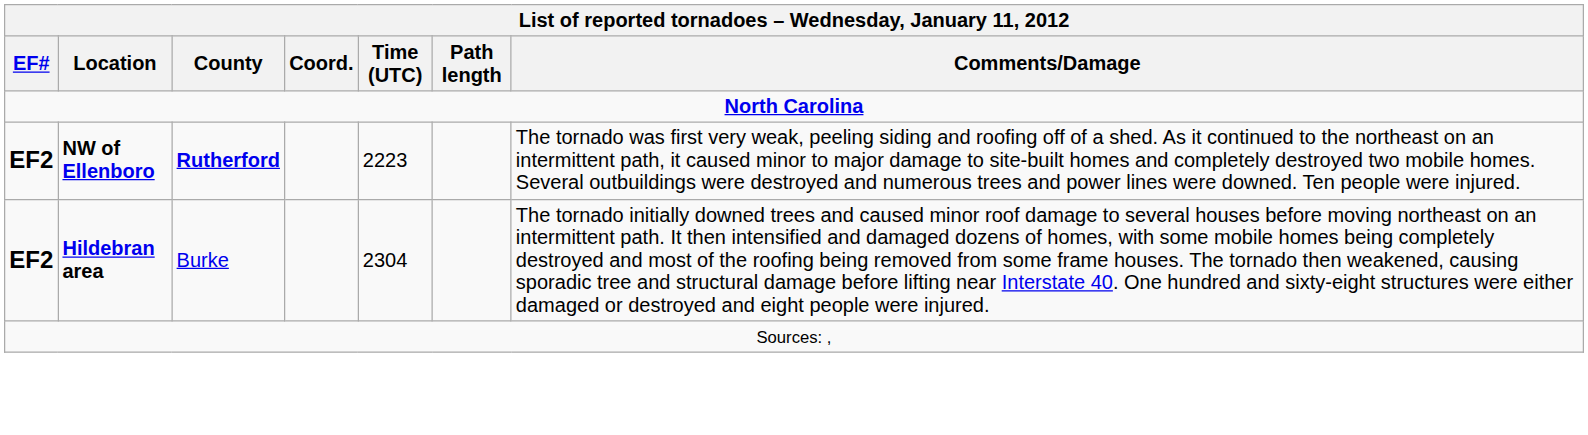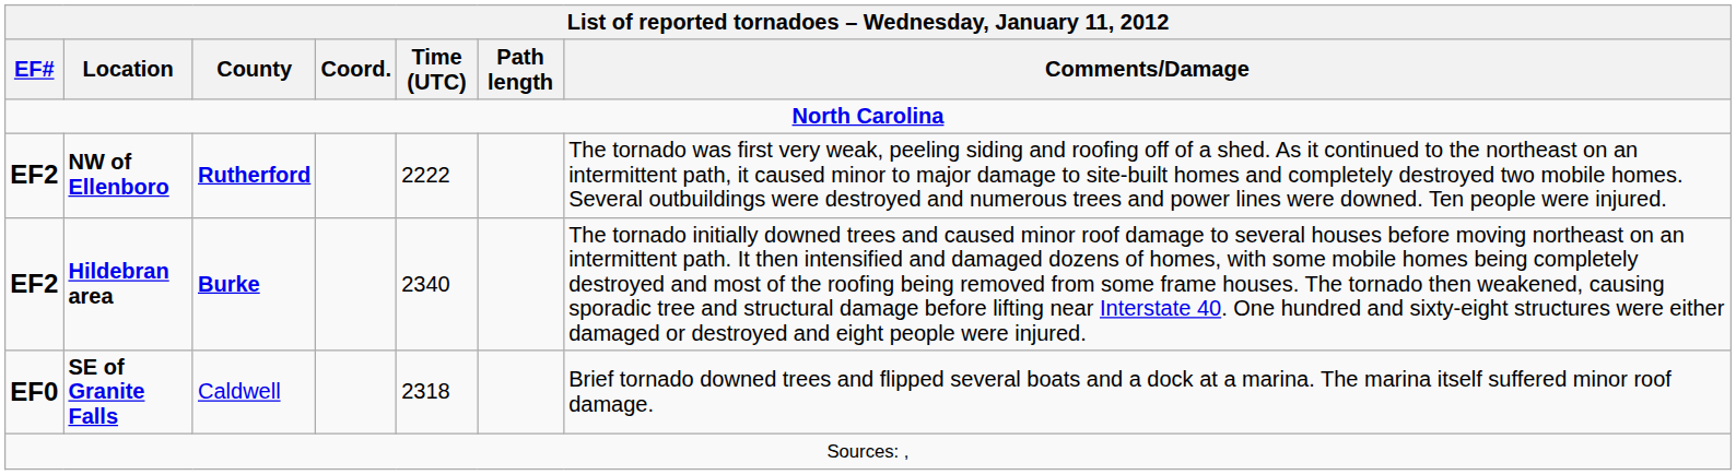 <table class="wikitable collapsible" style="width:100%;">
 <tr>
 <th colspan="7">List of reported tornadoes – Wednesday, January 11, 2012</th>
 </tr>
 <tr>
 <th><a href='#'>EF#</a></th>
 <th>Location</th>
 <th>County</th>
 <th>Coord.</th>
 <th>Time (UTC)</th>
 <th>Path length</th>
 <th>Comments/Damage</th>
 </tr>
 <tr>
 <td colspan="7" style="text-align:center;"><strong><a href='#'>North Carolina</a></strong></td>
 </tr>
 <tr>
 <td><big><strong>EF2</strong></big></td>
 <td><strong>NW of <a href='#'>Ellenboro</a></strong></td>
 <td><strong><a href='#'>Rutherford</a></strong></td>
 <td></td>
-<td>2223</td>
+<td>2222</td>
 <td></td>
 <td>The tornado was first very weak, peeling siding and roofing off of a shed. As it continued to the northeast on an intermittent path, it caused minor to major damage to site-built homes and completely destroyed two mobile homes. Several outbuildings were destroyed and numerous trees and power lines were downed. Ten people were injured.</td>
 </tr>
 <tr>
 <td><big><strong>EF2</strong></big></td>
 <td><strong><a href='#'>Hildebran</a> area</strong></td>
-<td><a href='#'>Burke</a></td>
+<td><strong><a href='#'>Burke</a></strong></td>
 <td></td>
-<td>2304</td>
+<td>2340</td>
 <td></td>
 <td>The tornado initially downed trees and caused minor roof damage to several houses before moving northeast on an intermittent path. It then intensified and damaged dozens of homes, with some mobile homes being completely destroyed and most of the roofing being removed from some frame houses. The tornado then weakened, causing sporadic tree and structural damage before lifting near <a href='#'>Interstate 40</a>. One hundred and sixty-eight structures were either damaged or destroyed and eight people were injured.</td>
+</tr>
+<tr>
+<td><big><strong>EF0</strong></big></td>
+<td><strong>SE of <a href='#'>Granite Falls</a></strong></td>
+<td><a href='#'>Caldwell</a></td>
+<td></td>
+<td>2318</td>
+<td></td>
+<td>Brief tornado downed trees and flipped several boats and a dock at a marina. The marina itself suffered minor roof damage.</td>
 </tr>
 <tr>
 <td colspan="7" style="text-align:center;"><small>Sources: , </small></td>
 </tr>
 </table>
